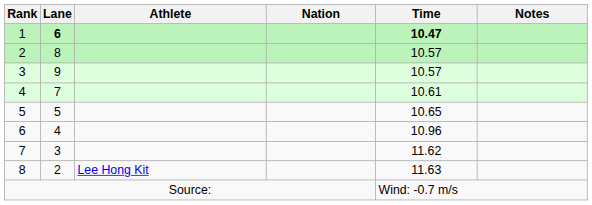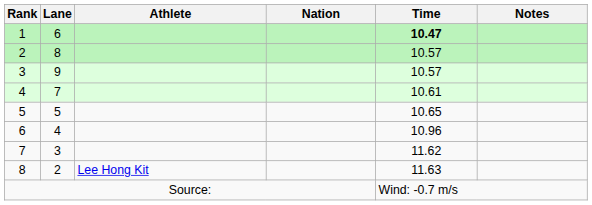 <table class="wikitable sortable" style="text-align:center;width: 60%;">
 <tr>
 <th scope="col" style="width: 10px;">Rank</th>
 <th scope="col" style="width: 10px;">Lane</th>
 <th scope="col">Athlete</th>
 <th scope="col">Nation</th>
 <th scope="col">Time</th>
 <th scope="col">Notes</th>
 </tr>
 <tr bgcolor=bbf3bb>
 <td>1</td>
-<td><strong>6</strong></td>
+<td>6</td>
 <td align=left></td>
 <td align=left></td>
 <td><strong>10.47</strong></td>
 <td></td>
 </tr>
 <tr bgcolor=bbf3bb>
 <td>2</td>
 <td>8</td>
 <td align=left></td>
 <td align=left></td>
 <td>10.57</td>
 <td></td>
 </tr>
 <tr bgcolor=ddffdd>
 <td>3</td>
 <td>9</td>
 <td align=left></td>
 <td align=left></td>
 <td>10.57</td>
 <td></td>
 </tr>
 <tr bgcolor=ddffdd>
 <td>4</td>
 <td>7</td>
 <td align=left></td>
 <td align=left></td>
 <td>10.61</td>
 <td></td>
 </tr>
 <tr>
 <td>5</td>
 <td>5</td>
 <td align=left></td>
 <td align=left></td>
 <td>10.65</td>
 <td></td>
 </tr>
 <tr>
 <td>6</td>
 <td>4</td>
 <td align=left></td>
 <td align=left></td>
 <td>10.96</td>
 <td></td>
 </tr>
 <tr>
 <td>7</td>
 <td>3</td>
 <td align=left></td>
 <td align=left></td>
 <td>11.62</td>
 <td></td>
 </tr>
 <tr>
 <td>8</td>
 <td>2</td>
 <td align=left><a href='#'>Lee Hong Kit</a></td>
 <td align=left></td>
 <td>11.63</td>
 <td></td>
 </tr>
 <tr class="sortbottom">
 <td colspan="4">Source:</td>
 <td colspan="2" style="text-align:left;">Wind: -0.7 m/s</td>
 </tr>
 </table>
